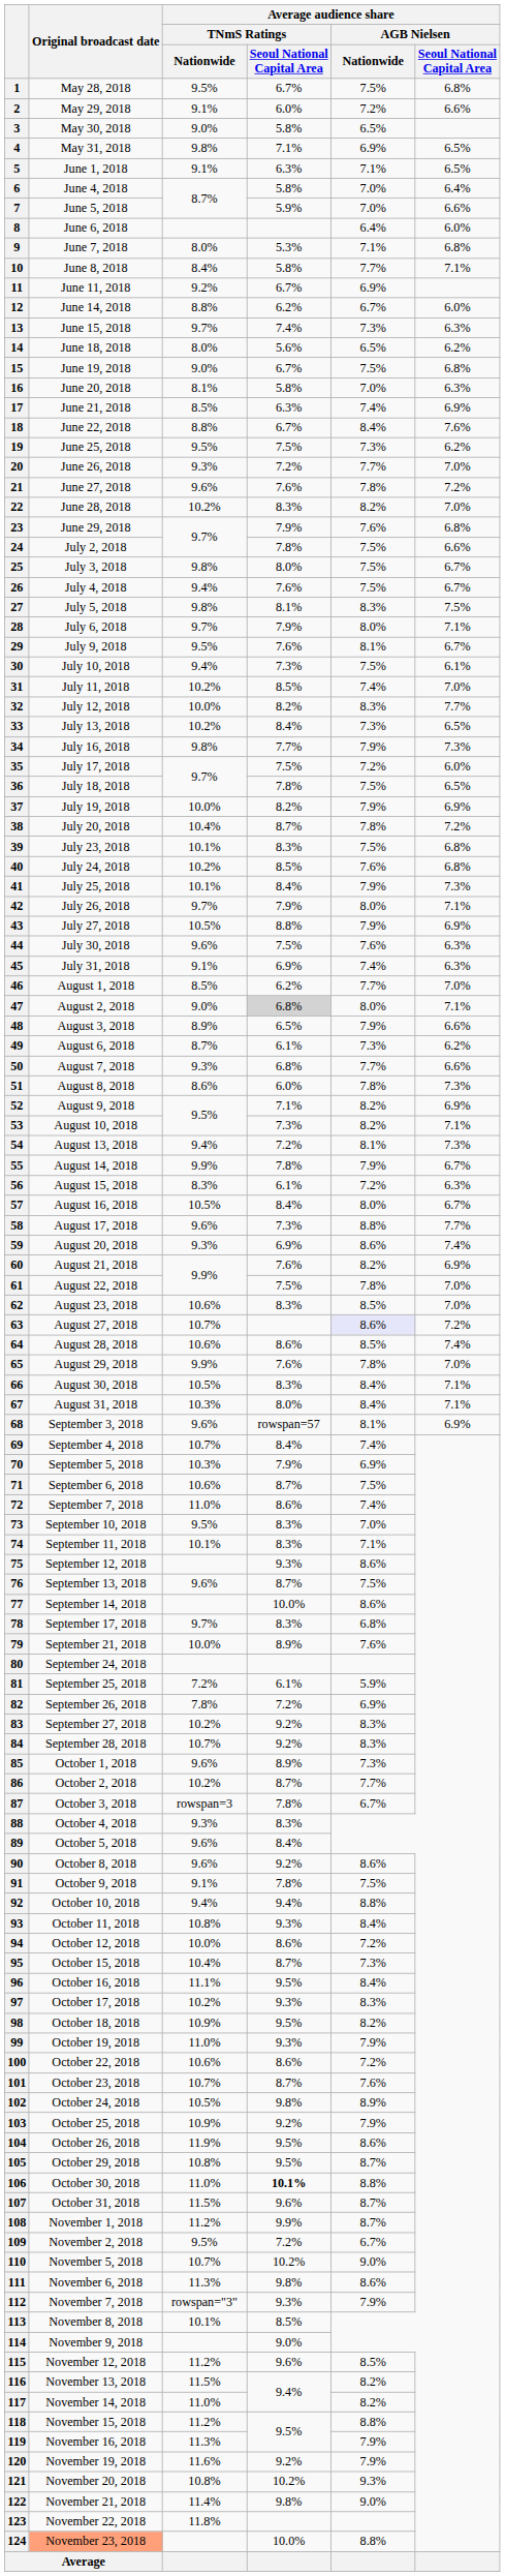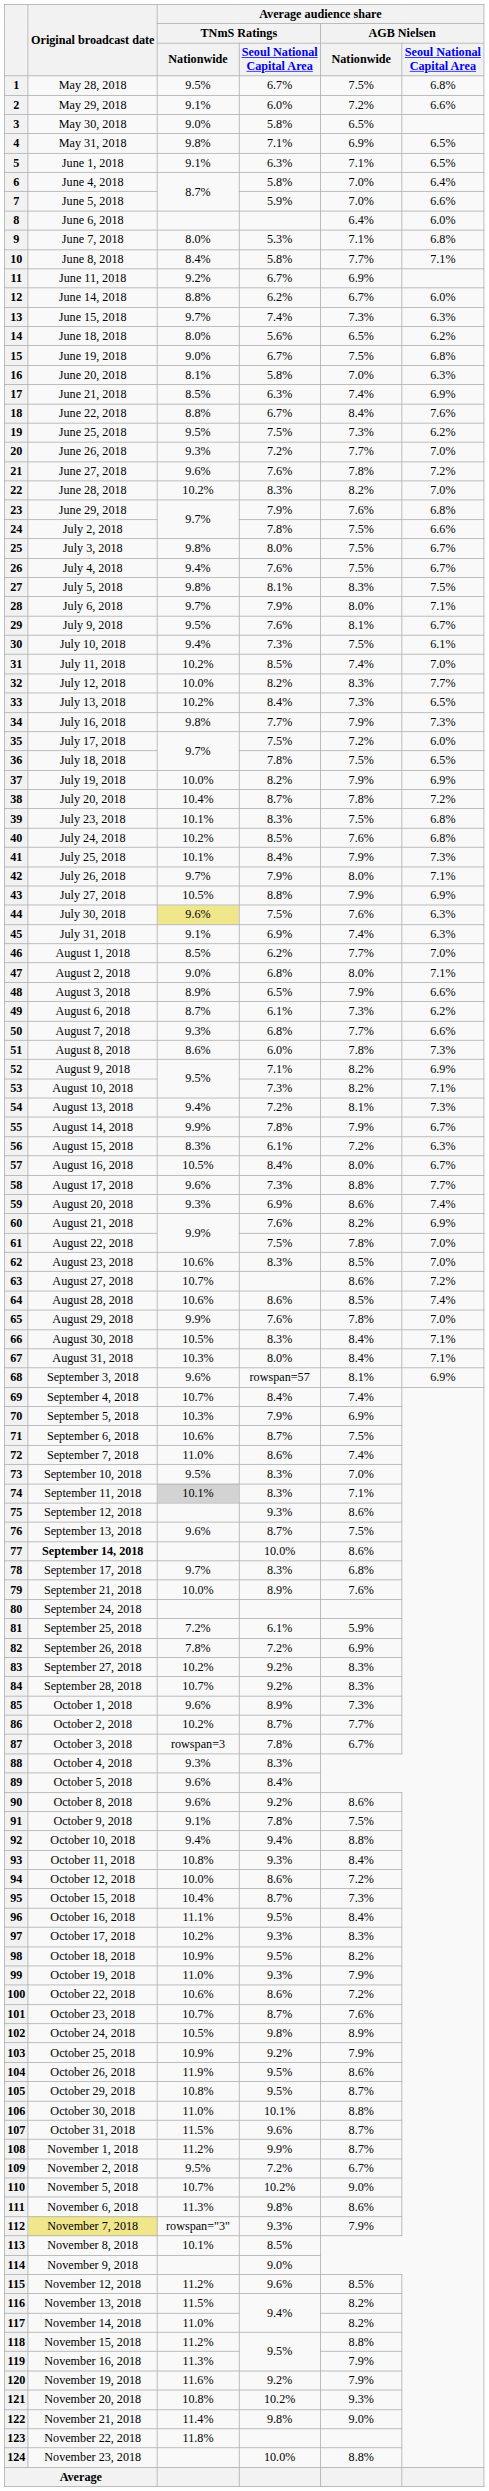 <table class="wikitable" style="text-align:center">
 <tr>
 <th rowspan="3"></th>
 <th rowspan="3">Original broadcast date</th>
 <th colspan="4">Average audience share</th>
 </tr>
 <tr>
 <th colspan="2">TNmS Ratings</th>
 <th colspan="2">AGB Nielsen</th>
 </tr>
 <tr>
 <th width=100>Nationwide</th>
 <th width=100><a href='#'>Seoul National Capital Area</a></th>
 <th width=100>Nationwide</th>
 <th width=100><a href='#'>Seoul National Capital Area</a></th>
 </tr>
 <tr>
 <th>1</th>
 <td>May 28, 2018</td>
 <td>9.5%</td>
 <td>6.7%</td>
 <td>7.5% </td>
 <td>6.8% </td>
 </tr>
 <tr>
 <th>2</th>
 <td>May 29, 2018</td>
 <td>9.1%</td>
 <td>6.0%</td>
 <td>7.2% </td>
 <td>6.6% </td>
 </tr>
 <tr>
 <th>3</th>
 <td>May 30, 2018</td>
 <td>9.0%</td>
 <td>5.8%</td>
 <td>6.5% </td>
 <td> </td>
 </tr>
 <tr>
 <th>4</th>
 <td>May 31, 2018</td>
 <td>9.8%</td>
 <td>7.1%</td>
 <td>6.9% </td>
 <td>6.5% </td>
 </tr>
 <tr>
 <th>5</th>
 <td>June 1, 2018</td>
 <td>9.1%</td>
 <td>6.3%</td>
 <td>7.1% </td>
 <td>6.5% </td>
 </tr>
 <tr>
 <th>6</th>
 <td>June 4, 2018</td>
 <td rowspan="2">8.7%</td>
 <td>5.8%</td>
 <td>7.0% </td>
 <td>6.4% </td>
 </tr>
 <tr>
 <th>7</th>
 <td>June 5, 2018</td>
 <td>5.9%</td>
 <td>7.0% </td>
 <td>6.6% </td>
 </tr>
 <tr>
 <th>8</th>
 <td>June 6, 2018</td>
 <td></td>
 <td></td>
 <td>6.4% </td>
 <td>6.0% </td>
 </tr>
 <tr>
 <th>9</th>
 <td>June 7, 2018</td>
 <td>8.0%</td>
 <td>5.3%</td>
 <td>7.1% </td>
 <td>6.8% </td>
 </tr>
 <tr>
 <th>10</th>
 <td>June 8, 2018</td>
 <td>8.4%</td>
 <td>5.8%</td>
 <td>7.7% </td>
 <td>7.1% </td>
 </tr>
 <tr>
 <th>11</th>
 <td>June 11, 2018</td>
 <td>9.2%</td>
 <td>6.7%</td>
 <td>6.9% </td>
 <td></td>
 </tr>
 <tr>
 <th>12</th>
 <td>June 14, 2018</td>
 <td>8.8%</td>
 <td>6.2%</td>
 <td>6.7% </td>
 <td>6.0% </td>
 </tr>
 <tr>
 <th>13</th>
 <td>June 15, 2018</td>
 <td>9.7%</td>
 <td>7.4%</td>
 <td>7.3% </td>
 <td>6.3% </td>
 </tr>
 <tr>
 <th>14</th>
 <td>June 18, 2018</td>
 <td>8.0%</td>
 <td>5.6%</td>
 <td>6.5% </td>
 <td>6.2% </td>
 </tr>
 <tr>
 <th>15</th>
 <td>June 19, 2018</td>
 <td>9.0%</td>
 <td>6.7%</td>
 <td>7.5% </td>
 <td>6.8% </td>
 </tr>
 <tr>
 <th>16</th>
 <td>June 20, 2018</td>
 <td>8.1%</td>
 <td>5.8%</td>
 <td>7.0% </td>
 <td>6.3% </td>
 </tr>
 <tr>
 <th>17</th>
 <td>June 21, 2018</td>
 <td>8.5%</td>
 <td>6.3%</td>
 <td>7.4% </td>
 <td>6.9% </td>
 </tr>
 <tr>
 <th>18</th>
 <td>June 22, 2018</td>
 <td>8.8%</td>
 <td>6.7%</td>
 <td>8.4% </td>
 <td>7.6% </td>
 </tr>
 <tr>
 <th>19</th>
 <td>June 25, 2018</td>
 <td>9.5%</td>
 <td>7.5%</td>
 <td>7.3% </td>
 <td>6.2% </td>
 </tr>
 <tr>
 <th>20</th>
 <td>June 26, 2018</td>
 <td>9.3%</td>
 <td>7.2%</td>
 <td>7.7% </td>
 <td>7.0% </td>
 </tr>
 <tr>
 <th>21</th>
 <td>June 27, 2018</td>
 <td>9.6%</td>
 <td>7.6%</td>
 <td>7.8% </td>
 <td>7.2% </td>
 </tr>
 <tr>
 <th>22</th>
 <td>June 28, 2018</td>
 <td>10.2%</td>
 <td>8.3%</td>
 <td>8.2% </td>
 <td>7.0% </td>
 </tr>
 <tr>
 <th>23</th>
 <td>June 29, 2018</td>
 <td rowspan="2">9.7%</td>
 <td>7.9%</td>
 <td>7.6% </td>
 <td>6.8% </td>
 </tr>
 <tr>
 <th>24</th>
 <td>July 2, 2018</td>
 <td>7.8%</td>
 <td>7.5% </td>
 <td>6.6% </td>
 </tr>
 <tr>
 <th>25</th>
 <td>July 3, 2018</td>
 <td>9.8%</td>
 <td>8.0%</td>
 <td>7.5% </td>
 <td>6.7% </td>
 </tr>
 <tr>
 <th>26</th>
 <td>July 4, 2018</td>
 <td>9.4%</td>
 <td>7.6%</td>
 <td>7.5% </td>
 <td>6.7% </td>
 </tr>
 <tr>
 <th>27</th>
 <td>July 5, 2018</td>
 <td>9.8%</td>
 <td>8.1%</td>
 <td>8.3% </td>
 <td>7.5% </td>
 </tr>
 <tr>
 <th>28</th>
 <td>July 6, 2018</td>
 <td>9.7%</td>
 <td>7.9%</td>
 <td>8.0% </td>
 <td>7.1% </td>
 </tr>
 <tr>
 <th>29</th>
 <td>July 9, 2018</td>
 <td>9.5%</td>
 <td>7.6%</td>
 <td>8.1% </td>
 <td>6.7% </td>
 </tr>
 <tr>
 <th>30</th>
 <td>July 10, 2018</td>
 <td>9.4%</td>
 <td>7.3%</td>
 <td>7.5% </td>
 <td>6.1% </td>
 </tr>
 <tr>
 <th>31</th>
 <td>July 11, 2018</td>
 <td>10.2%</td>
 <td>8.5%</td>
 <td>7.4% </td>
 <td>7.0% </td>
 </tr>
 <tr>
 <th>32</th>
 <td>July 12, 2018</td>
 <td>10.0%</td>
 <td>8.2%</td>
 <td>8.3% </td>
 <td>7.7% </td>
 </tr>
 <tr>
 <th>33</th>
 <td>July 13, 2018</td>
 <td>10.2%</td>
 <td>8.4%</td>
 <td>7.3% </td>
 <td>6.5% </td>
 </tr>
 <tr>
 <th>34</th>
 <td>July 16, 2018</td>
 <td>9.8%</td>
 <td>7.7%</td>
 <td>7.9% </td>
 <td>7.3% </td>
 </tr>
 <tr>
 <th>35</th>
 <td>July 17, 2018</td>
 <td rowspan="2">9.7%</td>
 <td>7.5%</td>
 <td>7.2% </td>
 <td>6.0% </td>
 </tr>
 <tr>
 <th>36</th>
 <td>July 18, 2018</td>
 <td>7.8%</td>
 <td>7.5% </td>
 <td>6.5% </td>
 </tr>
 <tr>
 <th>37</th>
 <td>July 19, 2018</td>
 <td>10.0%</td>
 <td>8.2%</td>
 <td>7.9% </td>
 <td>6.9% </td>
 </tr>
 <tr>
 <th>38</th>
 <td>July 20, 2018</td>
 <td>10.4%</td>
 <td>8.7%</td>
 <td>7.8% </td>
 <td>7.2% </td>
 </tr>
 <tr>
 <th>39</th>
 <td>July 23, 2018</td>
 <td>10.1%</td>
 <td>8.3%</td>
 <td>7.5% </td>
 <td>6.8% </td>
 </tr>
 <tr>
 <th>40</th>
 <td>July 24, 2018</td>
 <td>10.2%</td>
 <td>8.5%</td>
 <td>7.6% </td>
 <td>6.8% </td>
 </tr>
 <tr>
 <th>41</th>
 <td>July 25, 2018</td>
 <td>10.1%</td>
 <td>8.4%</td>
 <td>7.9% </td>
 <td>7.3% </td>
 </tr>
 <tr>
 <th>42</th>
 <td>July 26, 2018</td>
 <td>9.7%</td>
 <td>7.9%</td>
 <td>8.0% </td>
 <td>7.1% </td>
 </tr>
 <tr>
 <th>43</th>
 <td>July 27, 2018</td>
 <td>10.5%</td>
 <td>8.8%</td>
 <td>7.9% </td>
 <td>6.9% </td>
 </tr>
 <tr>
 <th>44</th>
 <td>July 30, 2018</td>
-<td>9.6%</td>
+<td style="background: khaki;">9.6%</td>
 <td>7.5%</td>
 <td>7.6% </td>
 <td>6.3% </td>
 </tr>
 <tr>
 <th>45</th>
 <td>July 31, 2018</td>
 <td>9.1%</td>
 <td>6.9%</td>
 <td>7.4% </td>
 <td>6.3% </td>
 </tr>
 <tr>
 <th>46</th>
 <td>August 1, 2018</td>
 <td>8.5%</td>
 <td>6.2%</td>
 <td>7.7% </td>
 <td>7.0% </td>
 </tr>
 <tr>
 <th>47</th>
 <td>August 2, 2018</td>
 <td>9.0%</td>
-<td style="background: lightgrey;">6.8%</td>
+<td>6.8%</td>
 <td>8.0% </td>
 <td>7.1% </td>
 </tr>
 <tr>
 <th>48</th>
 <td>August 3, 2018</td>
 <td>8.9%</td>
 <td>6.5%</td>
 <td>7.9% </td>
 <td>6.6% </td>
 </tr>
 <tr>
 <th>49</th>
 <td>August 6, 2018</td>
 <td>8.7%</td>
 <td>6.1%</td>
 <td>7.3% </td>
 <td>6.2% </td>
 </tr>
 <tr>
 <th>50</th>
 <td>August 7, 2018</td>
 <td>9.3%</td>
 <td>6.8%</td>
 <td>7.7% </td>
 <td>6.6% </td>
 </tr>
 <tr>
 <th>51</th>
 <td>August 8, 2018</td>
 <td>8.6%</td>
 <td>6.0%</td>
 <td>7.8% </td>
 <td>7.3% </td>
 </tr>
 <tr>
 <th>52</th>
 <td>August 9, 2018</td>
 <td rowspan="2">9.5%</td>
 <td>7.1%</td>
 <td>8.2% </td>
 <td>6.9% </td>
 </tr>
 <tr>
 <th>53</th>
 <td>August 10, 2018</td>
 <td>7.3%</td>
 <td>8.2% </td>
 <td>7.1% </td>
 </tr>
 <tr>
 <th>54</th>
 <td>August 13, 2018</td>
 <td>9.4%</td>
 <td>7.2%</td>
 <td>8.1% </td>
 <td>7.3% </td>
 </tr>
 <tr>
 <th>55</th>
 <td>August 14, 2018</td>
 <td>9.9%</td>
 <td>7.8%</td>
 <td>7.9% </td>
 <td>6.7% </td>
 </tr>
 <tr>
 <th>56</th>
 <td>August 15, 2018</td>
 <td>8.3%</td>
 <td>6.1%</td>
 <td>7.2% </td>
 <td>6.3% </td>
 </tr>
 <tr>
 <th>57</th>
 <td>August 16, 2018</td>
 <td>10.5%</td>
 <td>8.4%</td>
 <td>8.0% </td>
 <td>6.7% </td>
 </tr>
 <tr>
 <th>58</th>
 <td>August 17, 2018</td>
 <td>9.6%</td>
 <td>7.3%</td>
 <td>8.8% </td>
 <td>7.7% </td>
 </tr>
 <tr>
 <th>59</th>
 <td>August 20, 2018</td>
 <td>9.3%</td>
 <td>6.9%</td>
 <td>8.6% </td>
 <td>7.4% </td>
 </tr>
 <tr>
 <th>60</th>
 <td>August 21, 2018</td>
 <td rowspan="2">9.9%</td>
 <td>7.6%</td>
 <td>8.2% </td>
 <td>6.9% </td>
 </tr>
 <tr>
 <th>61</th>
 <td>August 22, 2018</td>
 <td>7.5%</td>
 <td>7.8% </td>
 <td>7.0% </td>
 </tr>
 <tr>
 <th>62</th>
 <td>August 23, 2018</td>
 <td>10.6%</td>
 <td>8.3%</td>
 <td>8.5% </td>
 <td>7.0% </td>
 </tr>
 <tr>
 <th>63</th>
 <td>August 27, 2018</td>
 <td>10.7%</td>
 <td></td>
-<td style="background: lavender;">8.6% </td>
+<td>8.6% </td>
 <td>7.2% </td>
 </tr>
 <tr>
 <th>64</th>
 <td>August 28, 2018</td>
 <td>10.6%</td>
 <td>8.6%</td>
 <td>8.5% </td>
 <td>7.4% </td>
 </tr>
 <tr>
 <th>65</th>
 <td>August 29, 2018</td>
 <td>9.9%</td>
 <td>7.6%</td>
 <td>7.8% </td>
 <td>7.0% </td>
 </tr>
 <tr>
 <th>66</th>
 <td>August 30, 2018</td>
 <td>10.5%</td>
 <td>8.3%</td>
 <td>8.4% </td>
 <td>7.1% </td>
 </tr>
 <tr>
 <th>67</th>
 <td>August 31, 2018</td>
 <td>10.3%</td>
 <td>8.0%</td>
 <td>8.4% </td>
 <td>7.1% </td>
 </tr>
 <tr>
 <th>68</th>
 <td>September 3, 2018</td>
 <td>9.6%</td>
 <td>rowspan=57 </td>
 <td>8.1% </td>
 <td>6.9% </td>
 </tr>
 <tr>
 <th>69</th>
 <td>September 4, 2018</td>
 <td>10.7%</td>
 <td>8.4% </td>
 <td>7.4% </td>
 </tr>
 <tr>
 <th>70</th>
 <td>September 5, 2018</td>
 <td>10.3%</td>
 <td>7.9% </td>
 <td>6.9% </td>
 </tr>
 <tr>
 <th>71</th>
 <td>September 6, 2018</td>
 <td>10.6%</td>
 <td>8.7% </td>
 <td>7.5% </td>
 </tr>
 <tr>
 <th>72</th>
 <td>September 7, 2018</td>
 <td>11.0%</td>
 <td>8.6% </td>
 <td>7.4% </td>
 </tr>
 <tr>
 <th>73</th>
 <td>September 10, 2018</td>
 <td>9.5%</td>
 <td>8.3% </td>
 <td>7.0% </td>
 </tr>
 <tr>
 <th>74</th>
 <td>September 11, 2018</td>
-<td>10.1%</td>
+<td style="background: lightgrey;">10.1%</td>
 <td>8.3% </td>
 <td>7.1% </td>
 </tr>
 <tr>
 <th>75</th>
 <td>September 12, 2018</td>
 <td></td>
 <td>9.3% </td>
 <td>8.6% </td>
 </tr>
 <tr>
 <th>76</th>
 <td>September 13, 2018</td>
 <td>9.6%</td>
 <td>8.7% </td>
 <td>7.5% </td>
 </tr>
 <tr>
 <th>77</th>
-<td>September 14, 2018</td>
+<td><strong>September 14, 2018</strong></td>
 <td></td>
 <td>10.0% </td>
 <td>8.6% </td>
 </tr>
 <tr>
 <th>78</th>
 <td>September 17, 2018</td>
 <td>9.7%</td>
 <td>8.3% </td>
 <td>6.8% </td>
 </tr>
 <tr>
 <th>79</th>
 <td>September 21, 2018</td>
 <td>10.0%</td>
 <td>8.9% </td>
 <td>7.6% </td>
 </tr>
 <tr>
 <th>80</th>
 <td>September 24, 2018</td>
 <td></td>
 <td> </td>
 <td></td>
 </tr>
 <tr>
 <th>81</th>
 <td>September 25, 2018</td>
 <td>7.2%</td>
 <td>6.1% </td>
 <td>5.9% </td>
 </tr>
 <tr>
 <th>82</th>
 <td>September 26, 2018</td>
 <td>7.8%</td>
 <td>7.2% </td>
 <td>6.9% </td>
 </tr>
 <tr>
 <th>83</th>
 <td>September 27, 2018</td>
 <td>10.2%</td>
 <td>9.2% </td>
 <td>8.3% </td>
 </tr>
 <tr>
 <th>84</th>
 <td>September 28, 2018</td>
 <td>10.7%</td>
 <td>9.2% </td>
 <td>8.3% </td>
 </tr>
 <tr>
 <th>85</th>
 <td>October 1, 2018</td>
 <td>9.6%</td>
 <td>8.9% </td>
 <td>7.3% </td>
 </tr>
 <tr>
 <th>86</th>
 <td>October 2, 2018</td>
 <td>10.2%</td>
 <td>8.7% </td>
 <td>7.7% </td>
 </tr>
 <tr>
 <th>87</th>
 <td>October 3, 2018</td>
 <td>rowspan=3 </td>
 <td>7.8% </td>
 <td>6.7% </td>
 </tr>
 <tr>
 <th>88</th>
 <td>October 4, 2018</td>
 <td>9.3% </td>
 <td>8.3% </td>
 </tr>
 <tr>
 <th>89</th>
 <td>October 5, 2018</td>
 <td>9.6% </td>
 <td>8.4% </td>
 </tr>
 <tr>
 <th>90</th>
 <td>October 8, 2018</td>
 <td>9.6%</td>
 <td>9.2% </td>
 <td>8.6% </td>
 </tr>
 <tr>
 <th>91</th>
 <td>October 9, 2018</td>
 <td>9.1%</td>
 <td>7.8% </td>
 <td>7.5% </td>
 </tr>
 <tr>
 <th>92</th>
 <td>October 10, 2018</td>
 <td>9.4%</td>
 <td>9.4% </td>
 <td>8.8% </td>
 </tr>
 <tr>
 <th>93</th>
 <td>October 11, 2018</td>
 <td>10.8%</td>
 <td>9.3% </td>
 <td>8.4% </td>
 </tr>
 <tr>
 <th>94</th>
 <td>October 12, 2018</td>
 <td>10.0%</td>
 <td>8.6% </td>
 <td>7.2% </td>
 </tr>
 <tr>
 <th>95</th>
 <td>October 15, 2018</td>
 <td>10.4%</td>
 <td>8.7% </td>
 <td>7.3% </td>
 </tr>
 <tr>
 <th>96</th>
 <td>October 16, 2018</td>
 <td>11.1%</td>
 <td>9.5% </td>
 <td>8.4% </td>
 </tr>
 <tr>
 <th>97</th>
 <td>October 17, 2018</td>
 <td>10.2%</td>
 <td>9.3% </td>
 <td>8.3% </td>
 </tr>
 <tr>
 <th>98</th>
 <td>October 18, 2018</td>
 <td>10.9%</td>
 <td>9.5% </td>
 <td>8.2% </td>
 </tr>
 <tr>
 <th>99</th>
 <td>October 19, 2018</td>
 <td>11.0%</td>
 <td>9.3% </td>
 <td>7.9% </td>
 </tr>
 <tr>
 <th>100</th>
 <td>October 22, 2018</td>
 <td>10.6%</td>
 <td>8.6% </td>
 <td>7.2% </td>
 </tr>
 <tr>
 <th>101</th>
 <td>October 23, 2018</td>
 <td>10.7%</td>
 <td>8.7% </td>
 <td>7.6% </td>
 </tr>
 <tr>
 <th>102</th>
 <td>October 24, 2018</td>
 <td>10.5%</td>
 <td>9.8% </td>
 <td>8.9% </td>
 </tr>
 <tr>
 <th>103</th>
 <td>October 25, 2018</td>
 <td>10.9%</td>
 <td>9.2% </td>
 <td>7.9% </td>
 </tr>
 <tr>
 <th>104</th>
 <td>October 26, 2018</td>
 <td>11.9%</td>
 <td>9.5% </td>
 <td>8.6% </td>
 </tr>
 <tr>
 <th>105</th>
 <td>October 29, 2018</td>
 <td>10.8%</td>
 <td>9.5% </td>
 <td>8.7% </td>
 </tr>
 <tr>
 <th>106</th>
 <td>October 30, 2018</td>
 <td>11.0%</td>
-<td><strong>10.1% </strong></td>
+<td>10.1% </td>
 <td>8.8% </td>
 </tr>
 <tr>
 <th>107</th>
 <td>October 31, 2018</td>
 <td>11.5%</td>
 <td>9.6% </td>
 <td>8.7% </td>
 </tr>
 <tr>
 <th>108</th>
 <td>November 1, 2018</td>
 <td>11.2%</td>
 <td>9.9% </td>
 <td>8.7% </td>
 </tr>
 <tr>
 <th>109</th>
 <td>November 2, 2018</td>
 <td>9.5%</td>
 <td>7.2% </td>
 <td>6.7% </td>
 </tr>
 <tr>
 <th>110</th>
 <td>November 5, 2018</td>
 <td>10.7%</td>
 <td>10.2% </td>
 <td>9.0% </td>
 </tr>
 <tr>
 <th>111</th>
 <td>November 6, 2018</td>
 <td>11.3%</td>
 <td>9.8% </td>
 <td>8.6% </td>
 </tr>
 <tr>
 <th>112</th>
-<td>November 7, 2018</td>
+<td style="background: khaki;">November 7, 2018</td>
 <td>rowspan="3" </td>
 <td>9.3% </td>
 <td>7.9% </td>
 </tr>
 <tr>
 <th>113</th>
 <td>November 8, 2018</td>
 <td>10.1% </td>
 <td>8.5% </td>
 </tr>
 <tr>
 <th>114</th>
 <td>November 9, 2018</td>
 <td> </td>
 <td>9.0% </td>
 </tr>
 <tr>
 <th>115</th>
 <td>November 12, 2018</td>
 <td>11.2%</td>
 <td>9.6% </td>
 <td>8.5% </td>
 </tr>
 <tr>
 <th>116</th>
 <td>November 13, 2018</td>
 <td>11.5%</td>
 <td rowspan="2">9.4% </td>
 <td>8.2% </td>
 </tr>
 <tr>
 <th>117</th>
 <td>November 14, 2018</td>
 <td>11.0%</td>
 <td>8.2% </td>
 </tr>
 <tr>
 <th>118</th>
 <td>November 15, 2018</td>
 <td>11.2%</td>
 <td rowspan="2">9.5% </td>
 <td>8.8% </td>
 </tr>
 <tr>
 <th>119</th>
 <td>November 16, 2018</td>
 <td>11.3%</td>
 <td>7.9% </td>
 </tr>
 <tr>
 <th>120</th>
 <td>November 19, 2018</td>
 <td>11.6%</td>
 <td>9.2% </td>
 <td>7.9% </td>
 </tr>
 <tr>
 <th>121</th>
 <td>November 20, 2018</td>
 <td>10.8%</td>
 <td>10.2% </td>
 <td>9.3% </td>
 </tr>
 <tr>
 <th>122</th>
 <td>November 21, 2018</td>
 <td>11.4%</td>
 <td>9.8% </td>
 <td>9.0% </td>
 </tr>
 <tr>
 <th>123</th>
 <td>November 22, 2018</td>
 <td>11.8%</td>
 <td> </td>
 <td> </td>
 </tr>
 <tr>
 <th>124</th>
-<td style="background: lightsalmon;">November 23, 2018</td>
+<td>November 23, 2018</td>
 <td></td>
 <td>10.0% </td>
 <td>8.8% </td>
 </tr>
 <tr>
 <th colspan="2">Average</th>
 <th></th>
 <th></th>
 <th></th>
 <th></th>
 </tr>
 </table>
